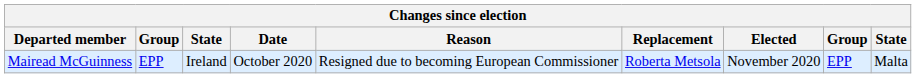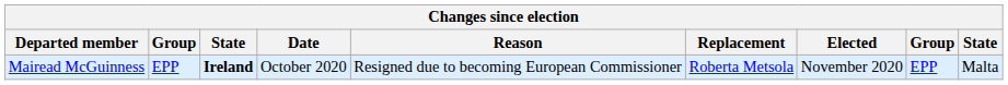 <table class="wikitable">
 <tr>
 <th colspan=9>Changes since election</th>
 </tr>
 <tr>
 <th>Departed member</th>
 <th>Group</th>
 <th>State</th>
 <th>Date</th>
 <th>Reason</th>
 <th>Replacement</th>
 <th>Elected</th>
 <th>Group</th>
 <th>State</th>
 </tr>
 <tr style="background: #DDEEFF">
 <td><a href='#'>Mairead McGuinness</a></td>
 <td><a href='#'>EPP</a></td>
-<td> Ireland</td>
+<td><strong> Ireland</strong></td>
 <td>October 2020</td>
 <td>Resigned due to becoming European Commissioner</td>
 <td><a href='#'>Roberta Metsola</a></td>
 <td>November 2020</td>
 <td><a href='#'>EPP</a></td>
 <td> Malta</td>
 </tr>
 </table>
